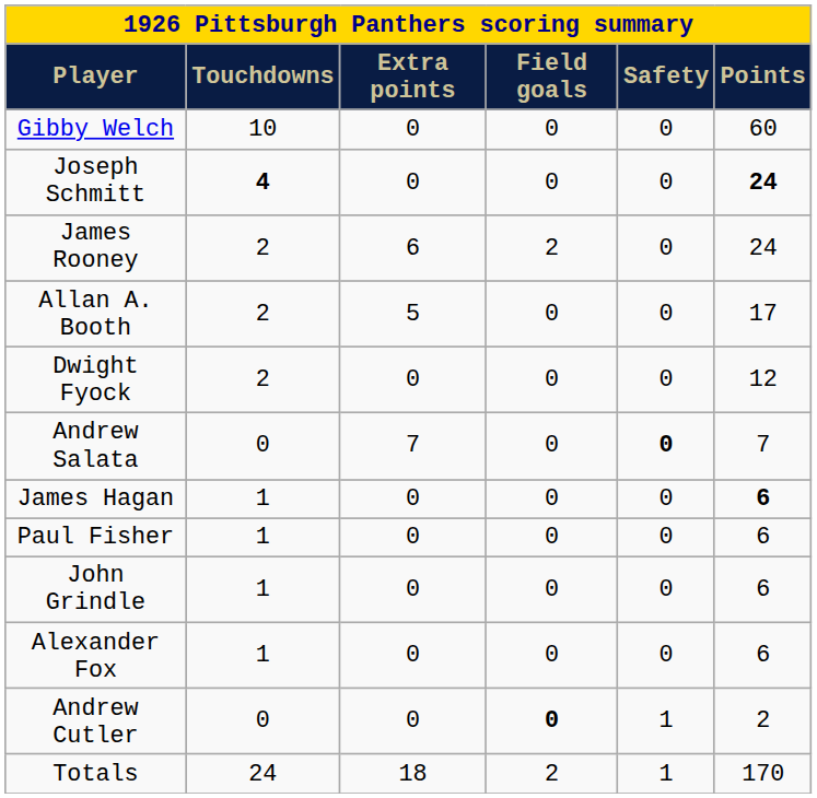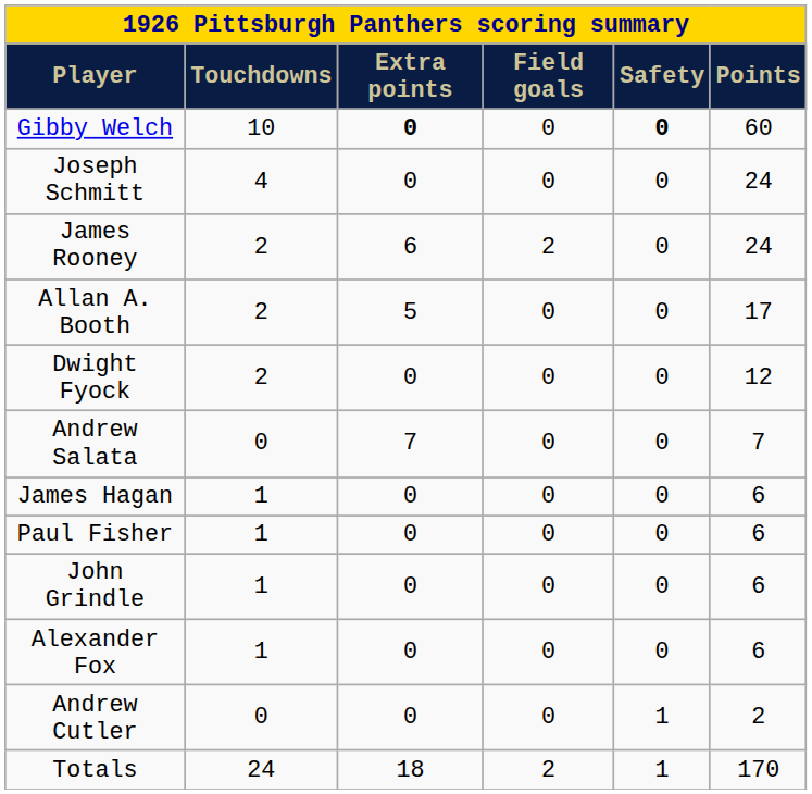 <table class="wikitable" width="35%">
 <tr>
 <th colspan="10" style="background:gold; color:darkblue; text-align: center;"><strong>1926 Pittsburgh Panthers scoring summary</strong></th>
 </tr>
 <tr align="center"  style="background:#091C44;color:#CEC499;">
 <td><strong>Player</strong></td>
 <td><strong>Touchdowns</strong></td>
 <td><strong>Extra points</strong></td>
 <td><strong>Field goals</strong></td>
 <td><strong>Safety</strong></td>
 <td><strong>Points</strong></td>
 </tr>
 <tr align="center" bgcolor="">
 <td><a href='#'>Gibby Welch</a></td>
 <td>10</td>
+<td><strong>0</strong></td>
 <td>0</td>
-<td>0</td>
-<td>0</td>
+<td><strong>0</strong></td>
 <td>60</td>
 </tr>
 <tr align="center" bgcolor="">
 <td>Joseph Schmitt</td>
-<td><strong>4</strong></td>
+<td>4</td>
 <td>0</td>
 <td>0</td>
 <td>0</td>
-<td><strong>24</strong></td>
+<td>24</td>
 </tr>
 <tr align="center" bgcolor="">
 <td>James Rooney</td>
 <td>2</td>
 <td>6</td>
 <td>2</td>
 <td>0</td>
 <td>24</td>
 </tr>
 <tr align="center" bgcolor="">
 <td>Allan A. Booth</td>
 <td>2</td>
 <td>5</td>
 <td>0</td>
 <td>0</td>
 <td>17</td>
 </tr>
 <tr align="center" bgcolor="">
 <td>Dwight Fyock</td>
 <td>2</td>
 <td>0</td>
 <td>0</td>
 <td>0</td>
 <td>12</td>
 </tr>
 <tr align="center" bgcolor="">
 <td>Andrew Salata</td>
 <td>0</td>
 <td>7</td>
 <td>0</td>
-<td><strong>0</strong></td>
+<td>0</td>
 <td>7</td>
 </tr>
 <tr align="center" bgcolor="">
 <td>James Hagan</td>
 <td>1</td>
 <td>0</td>
 <td>0</td>
 <td>0</td>
-<td><strong>6</strong></td>
+<td>6</td>
 </tr>
 <tr align="center" bgcolor="">
 <td>Paul Fisher</td>
 <td>1</td>
 <td>0</td>
 <td>0</td>
 <td>0</td>
 <td>6</td>
 </tr>
 <tr align="center" bgcolor="">
 <td>John Grindle</td>
 <td>1</td>
 <td>0</td>
 <td>0</td>
 <td>0</td>
 <td>6</td>
 </tr>
 <tr align="center" bgcolor="">
 <td>Alexander Fox</td>
 <td>1</td>
 <td>0</td>
 <td>0</td>
 <td>0</td>
 <td>6</td>
 </tr>
 <tr align="center" bgcolor="">
 <td>Andrew Cutler</td>
 <td>0</td>
 <td>0</td>
-<td><strong>0</strong></td>
+<td>0</td>
 <td>1</td>
 <td>2</td>
 </tr>
 <tr align="center" bgcolor="">
 <td>Totals</td>
 <td>24</td>
 <td>18</td>
 <td>2</td>
 <td>1</td>
 <td>170</td>
 </tr>
 <tr align="center" bgcolor="">
 </tr>
 </table>
